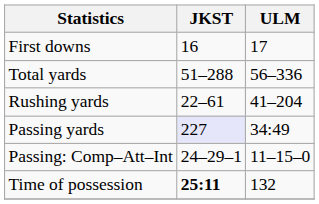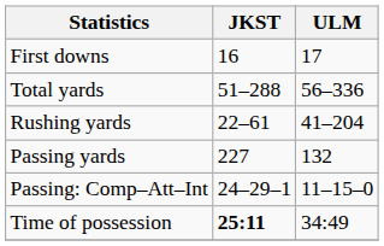 <table class="wikitable" style="float: left;">
 <tr>
 <th>Statistics</th>
 <th>JKST</th>
 <th>ULM</th>
 </tr>
 <tr>
 <td>First downs</td>
 <td>16</td>
 <td>17</td>
 </tr>
 <tr>
 <td>Total yards</td>
 <td>51–288</td>
 <td>56–336</td>
 </tr>
 <tr>
 <td>Rushing yards</td>
 <td>22–61</td>
 <td>41–204</td>
 </tr>
 <tr>
 <td>Passing yards</td>
-<td style="background: lavender;">227</td>
-<td>34:49</td>
+<td>227</td>
+<td>132</td>
 </tr>
 <tr>
 <td>Passing: Comp–Att–Int</td>
 <td>24–29–1</td>
 <td>11–15–0</td>
 </tr>
 <tr>
 <td>Time of possession</td>
 <td><strong>25:11</strong></td>
-<td>132</td>
+<td>34:49</td>
 </tr>
 <tr>
 </tr>
 </table>
